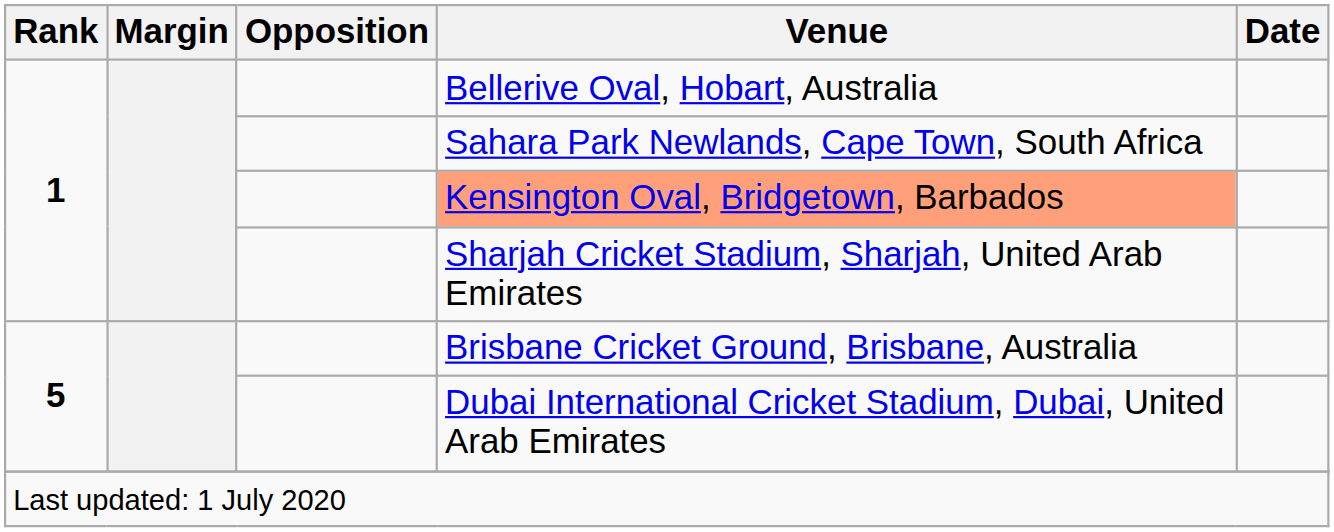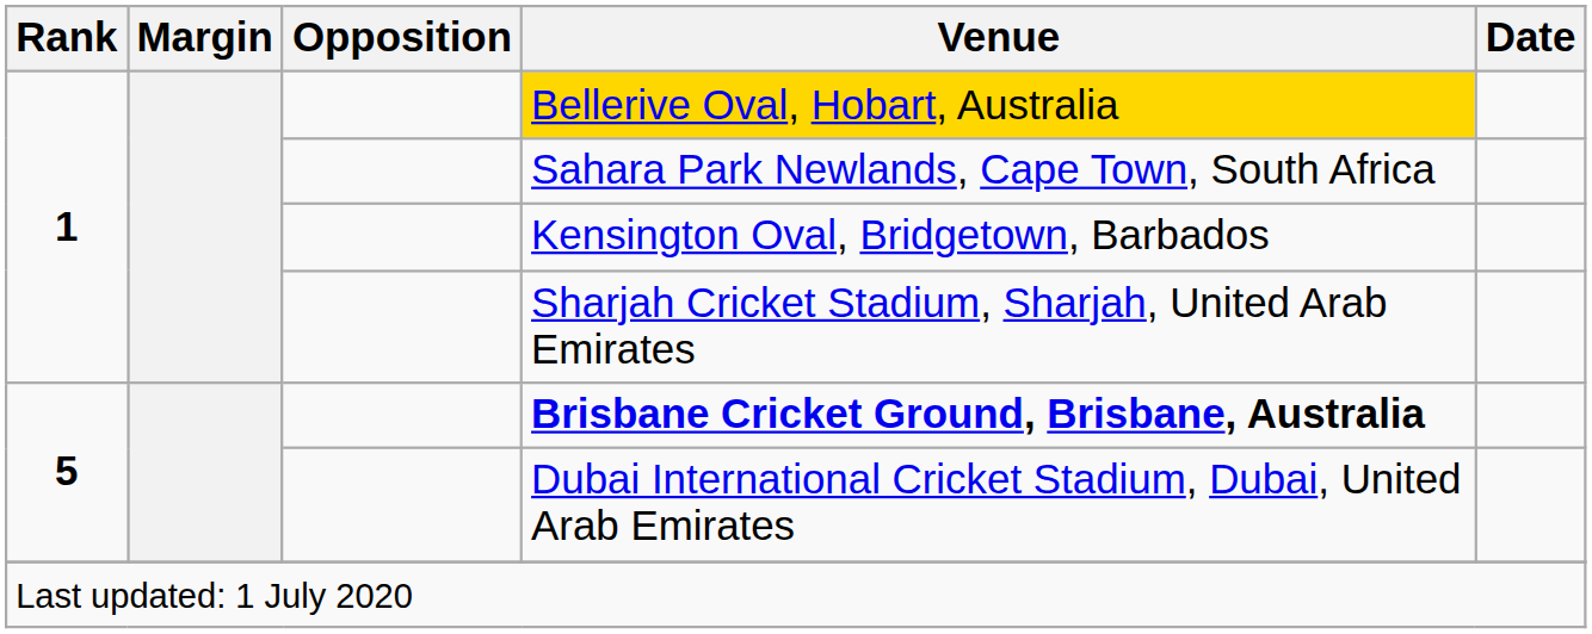 <table class="wikitable plainrowheaders sortable">
 <tr>
 <th scope=col>Rank</th>
 <th scope=col>Margin</th>
 <th scope=col>Opposition</th>
 <th scope=col>Venue</th>
 <th scope=col>Date</th>
 </tr>
 <tr>
 <td align=center rowspan=4><strong>1</strong></td>
 <th scope=row style=text-align:center; rowspan=4></th>
 <td></td>
-<td><a href='#'>Bellerive Oval</a>, <a href='#'>Hobart</a>, Australia</td>
+<td style="background: gold;"><a href='#'>Bellerive Oval</a>, <a href='#'>Hobart</a>, Australia</td>
 <td></td>
 </tr>
 <tr>
 <td></td>
 <td><a href='#'>Sahara Park Newlands</a>, <a href='#'>Cape Town</a>, South Africa</td>
 <td></td>
 </tr>
 <tr>
 <td></td>
-<td style="background: lightsalmon;"><a href='#'>Kensington Oval</a>, <a href='#'>Bridgetown</a>, Barbados</td>
+<td><a href='#'>Kensington Oval</a>, <a href='#'>Bridgetown</a>, Barbados</td>
 <td></td>
 </tr>
 <tr>
 <td></td>
 <td><a href='#'>Sharjah Cricket Stadium</a>, <a href='#'>Sharjah</a>, United Arab Emirates</td>
 <td></td>
 </tr>
 <tr>
 <td align=center rowspan=2><strong>5</strong></td>
 <th scope=row style=text-align:center; rowspan=2></th>
 <td></td>
-<td><a href='#'>Brisbane Cricket Ground</a>, <a href='#'>Brisbane</a>, Australia</td>
+<td><strong><a href='#'>Brisbane Cricket Ground</a>, <a href='#'>Brisbane</a>, Australia</strong></td>
 <td></td>
 </tr>
 <tr>
 <td></td>
 <td><a href='#'>Dubai International Cricket Stadium</a>, <a href='#'>Dubai</a>, United Arab Emirates</td>
 <td></td>
 </tr>
 <tr>
 </tr>
 <tr class=sortbottom>
 <td colspan=5><small>Last updated: 1 July 2020</small></td>
 </tr>
 </table>
